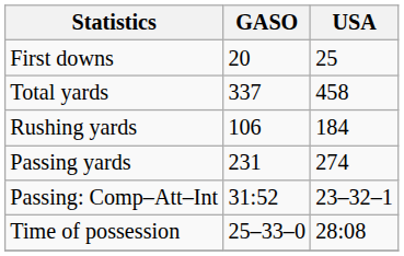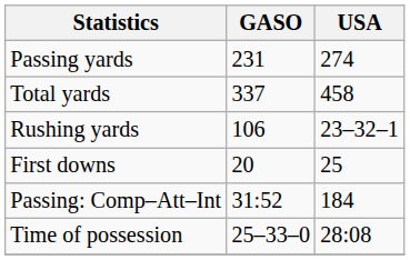 <table class="wikitable" style="float: left;">
 <tr>
 <th>Statistics</th>
 <th>GASO</th>
 <th>USA</th>
 </tr>
 <tr>
-<td>First downs</td>
-<td>20</td>
-<td>25</td>
+<td>Passing yards</td>
+<td>231</td>
+<td>274</td>
 </tr>
 <tr>
 <td>Total yards</td>
 <td>337</td>
 <td>458</td>
 </tr>
 <tr>
 <td>Rushing yards</td>
 <td>106</td>
-<td>184</td>
+<td>23–32–1</td>
 </tr>
 <tr>
-<td>Passing yards</td>
-<td>231</td>
-<td>274</td>
+<td>First downs</td>
+<td>20</td>
+<td>25</td>
 </tr>
 <tr>
 <td>Passing: Comp–Att–Int</td>
 <td>31:52</td>
-<td>23–32–1</td>
+<td>184</td>
 </tr>
 <tr>
 <td>Time of possession</td>
 <td>25–33–0</td>
 <td>28:08</td>
 </tr>
 <tr>
 </tr>
 </table>
